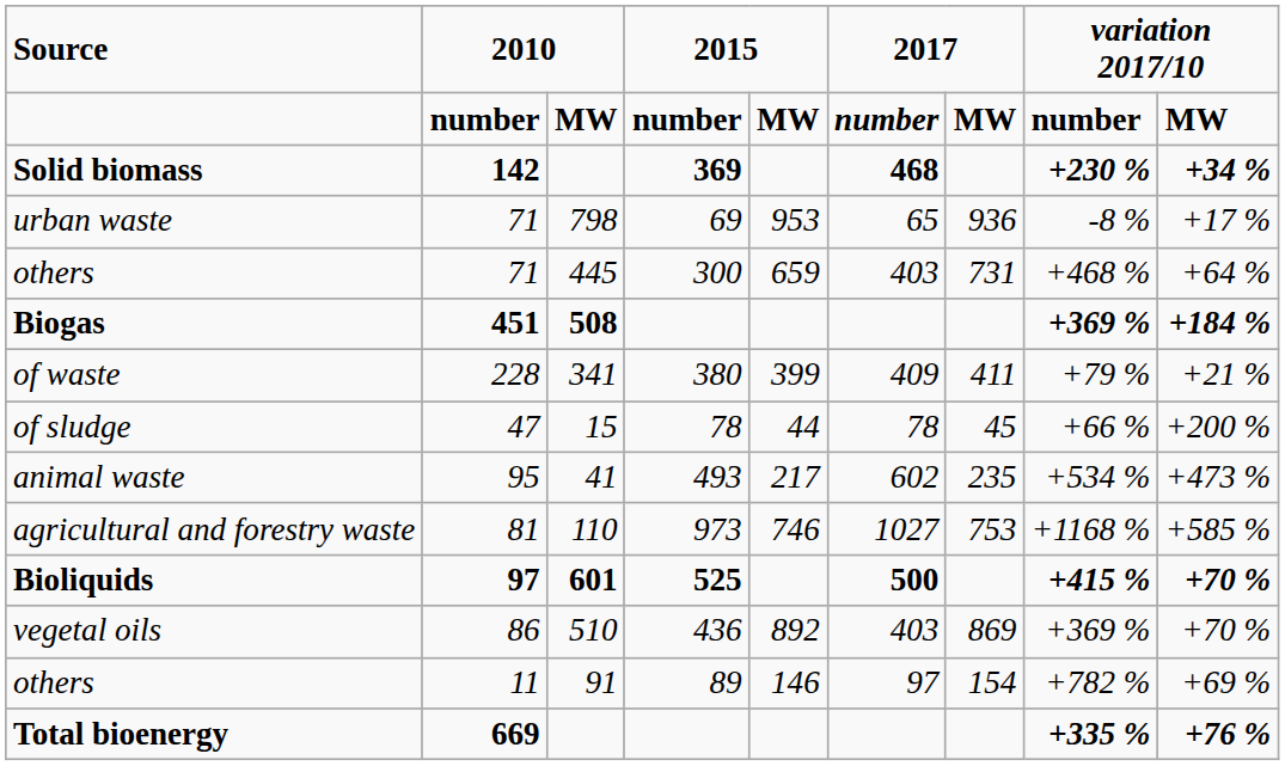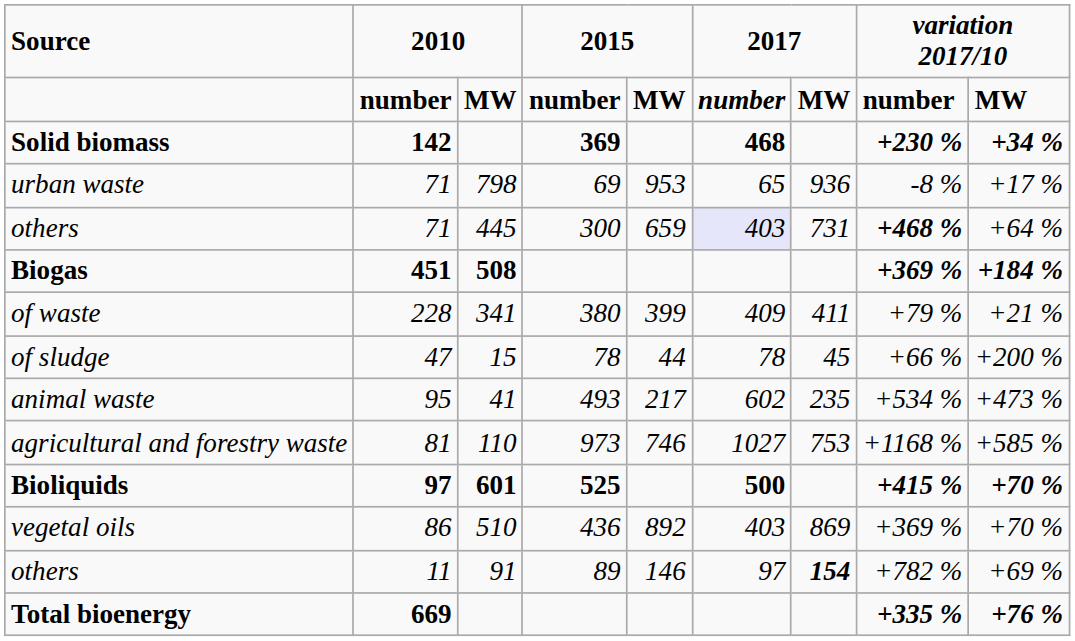 <table class="wikitable">
 <tr>
 <td><strong>Source</strong></td>
 <td colspan=2 align="center"><strong>2010</strong></td>
 <td colspan=2 align="center"><strong>2015</strong></td>
 <td colspan=2 align="center"><strong>2017</strong></td>
 <td colspan=2 align="center"><strong><em>variation<br>2017/10</em></strong></td>
 </tr>
 <tr>
 <td></td>
 <td><strong>number</strong></td>
 <td><strong>MW</strong></td>
 <td><strong>number</strong></td>
 <td><strong>MW</strong></td>
 <td><strong><em>number</em></strong></td>
 <td><strong>MW</strong></td>
 <td><strong>number</strong></td>
 <td><strong>MW</strong></td>
 </tr>
 <tr align="right">
 <td align="left"><strong>Solid biomass</strong></td>
 <td><strong>142</strong></td>
 <td><strong></strong></td>
 <td><strong>369</strong></td>
 <td><strong></strong></td>
 <td><strong>468</strong></td>
 <td><strong></strong></td>
 <td><strong><em>+230 %</em></strong></td>
 <td><strong><em>+34 %</em></strong></td>
 </tr>
 <tr align="right">
 <td align="left"><em>urban waste</em></td>
 <td><em>71</em></td>
 <td><em>798</em></td>
 <td><em>69</em></td>
 <td><em>953</em></td>
 <td><em>65</em></td>
 <td><em>936</em></td>
 <td><em>-8 %</em></td>
 <td><em>+17 %</em></td>
 </tr>
 <tr align="right">
 <td align="left"><em>others</em></td>
 <td><em>71</em></td>
 <td><em>445</em></td>
 <td><em>300</em></td>
 <td><em>659</em></td>
-<td><em>403</em></td>
+<td style="background: lavender;"><em>403</em></td>
 <td><em>731</em></td>
-<td><em>+468 %</em></td>
+<td><strong><em>+468 %</em></strong></td>
 <td><em>+64 %</em></td>
 </tr>
 <tr align="right">
 <td align="left"><strong>Biogas</strong></td>
 <td><strong>451</strong></td>
 <td><strong>508</strong></td>
 <td><strong></strong></td>
 <td><strong></strong></td>
 <td><strong></strong></td>
 <td><strong></strong></td>
 <td><strong><em>+369 %</em></strong></td>
 <td><strong><em>+184 %</em></strong></td>
 </tr>
 <tr align="right">
 <td align="left"><em>of waste</em></td>
 <td><em>228</em></td>
 <td><em>341</em></td>
 <td><em>380</em></td>
 <td><em>399</em></td>
 <td><em>409</em></td>
 <td><em>411</em></td>
 <td><em>+79 %</em></td>
 <td><em>+21 %</em></td>
 </tr>
 <tr align="right">
 <td align="left"><em>of sludge</em></td>
 <td><em>47</em></td>
 <td><em>15</em></td>
 <td><em>78</em></td>
 <td><em>44</em></td>
 <td><em>78</em></td>
 <td><em>45</em></td>
 <td><em>+66 %</em></td>
 <td><em>+200 %</em></td>
 </tr>
 <tr align="right">
 <td align="left"><em>animal waste</em></td>
 <td><em>95</em></td>
 <td><em>41</em></td>
 <td><em>493</em></td>
 <td><em>217</em></td>
 <td><em>602</em></td>
 <td><em>235</em></td>
 <td><em>+534 %</em></td>
 <td><em>+473 %</em></td>
 </tr>
 <tr align="right">
 <td align="left"><em>agricultural and forestry waste</em></td>
 <td><em>81</em></td>
 <td><em>110</em></td>
 <td><em>973</em></td>
 <td><em>746</em></td>
 <td><em>1027</em></td>
 <td><em>753</em></td>
 <td><em>+1168 %</em></td>
 <td><em>+585 %</em></td>
 </tr>
 <tr align="right">
 <td align="left"><strong>Bioliquids</strong></td>
 <td><strong>97</strong></td>
 <td><strong>601</strong></td>
 <td><strong>525</strong></td>
 <td><strong></strong></td>
 <td><strong>500</strong></td>
 <td><strong></strong></td>
 <td><strong><em>+415 %</em></strong></td>
 <td><strong><em>+70 %</em></strong></td>
 </tr>
 <tr align="right">
 <td align="left"><em>vegetal oils</em></td>
 <td><em>86</em></td>
 <td><em>510</em></td>
 <td><em>436</em></td>
 <td><em>892</em></td>
 <td><em>403</em></td>
 <td><em>869</em></td>
 <td><em>+369 %</em></td>
 <td><em>+70 %</em></td>
 </tr>
 <tr align="right">
 <td align="left"><em>others</em></td>
 <td><em>11</em></td>
 <td><em>91</em></td>
 <td><em>89</em></td>
 <td><em>146</em></td>
 <td><em>97</em></td>
-<td><em>154</em></td>
+<td><strong><em>154</em></strong></td>
 <td><em>+782 %</em></td>
 <td><em>+69 %</em></td>
 </tr>
 <tr align="right">
 <td align="left"><strong>Total bioenergy</strong></td>
 <td><strong>669</strong></td>
 <td><strong></strong></td>
 <td><strong></strong></td>
 <td><strong></strong></td>
 <td><strong></strong></td>
 <td><strong></strong></td>
 <td><strong><em>+335 %</em></strong></td>
 <td><strong><em>+76 %</em></strong></td>
 </tr>
 </table>
